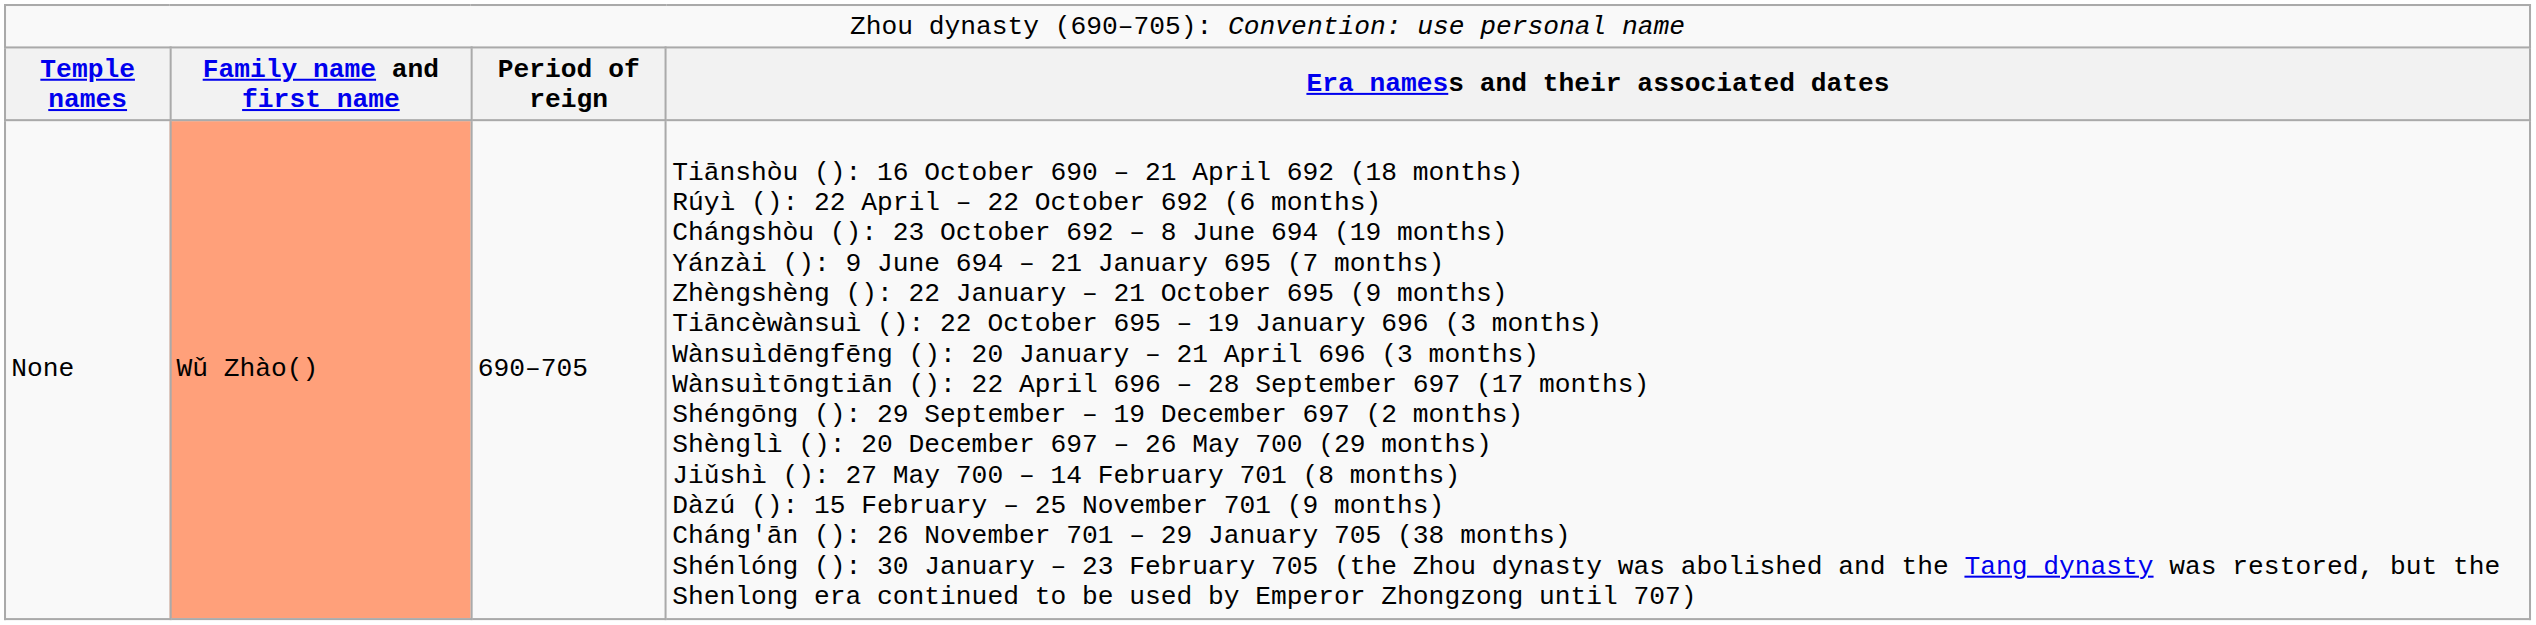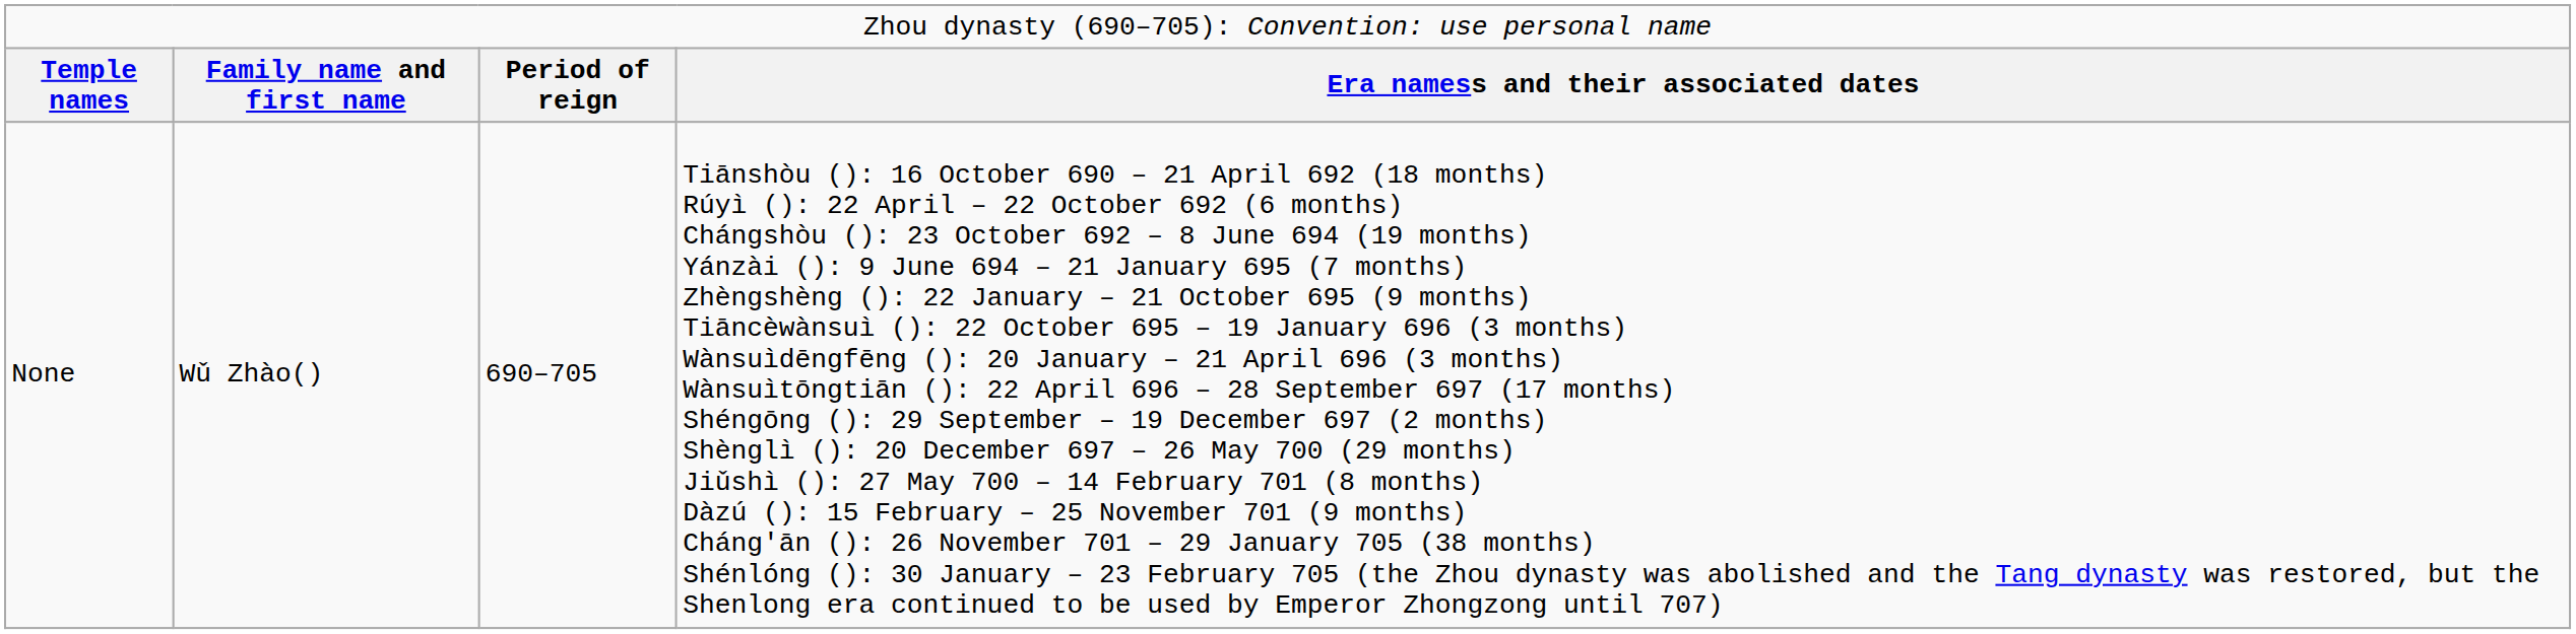 <table class="wikitable">
 <tr>
 <td colspan="4" style="text-align:center;">Zhou dynasty (690–705): <em>Convention: use personal name</em></td>
 </tr>
 <tr>
 <th><a href='#'>Temple names</a></th>
 <th><a href='#'>Family name</a> and <a href='#'>first name</a></th>
 <th>Period of reign</th>
 <th><a href='#'>Era names</a>s and their associated dates</th>
 </tr>
 <tr>
 <td>None</td>
-<td style="background: lightsalmon;">Wǔ Zhào()</td>
+<td>Wǔ Zhào()</td>
 <td>690–705</td>
 <td><br>Tiānshòu (): 16 October 690 – 21 April 692 (18 months)<br> Rúyì (): 22 April – 22 October 692 (6 months)<br> Chángshòu (): 23 October 692 – 8 June 694 (19  months)<br> Yánzài (): 9 June 694 – 21 January 695 (7  months)<br> Zhèngshèng (): 22 January – 21 October 695 (9 months)<br> Tiāncèwànsuì (): 22 October 695 – 19 January 696 (3 months)<br> Wànsuìdēngfēng (): 20 January – 21 April 696 (3 months)<br> Wànsuìtōngtiān (): 22 April 696 – 28 September 697 (17 months)<br> Shéngōng (): 29 September – 19 December 697 (2  months)<br> Shènglì (): 20 December 697 – 26 May 700 (29 months)<br> Jiǔshì (): 27 May 700 – 14 February 701 (8  months)<br> Dàzú (): 15 February – 25 November 701 (9  months)<br> Cháng'ān (): 26 November 701 – 29 January 705 (38 months)<br> Shénlóng (): 30 January – 23 February 705 (the Zhou dynasty was abolished and the <a href='#'>Tang dynasty</a> was restored, but the Shenlong era continued to be used by Emperor Zhongzong until 707)</td>
 </tr>
 </table>
